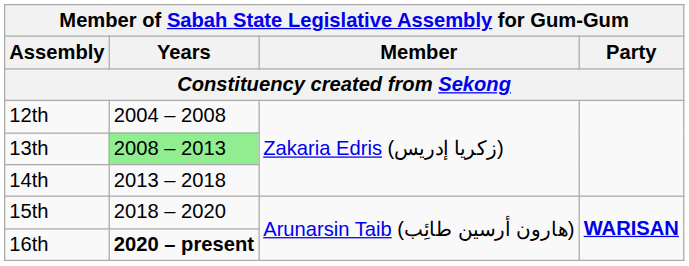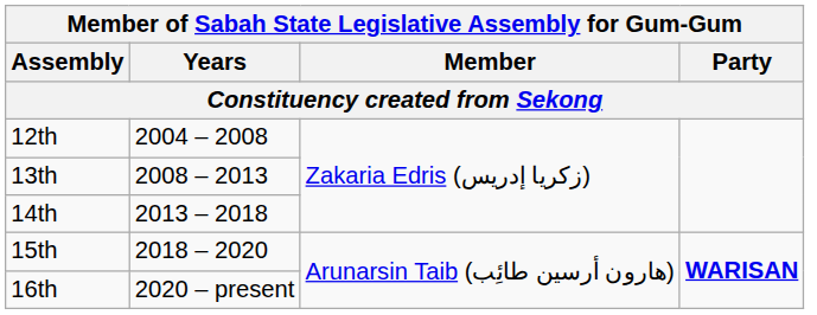 <table class="wikitable">
 <tr>
 <th colspan="4">Member of <a href='#'>Sabah State Legislative Assembly</a> for Gum-Gum</th>
 </tr>
 <tr>
 <th>Assembly</th>
 <th>Years</th>
 <th>Member</th>
 <th>Party</th>
 </tr>
 <tr>
 <th colspan="4" align="center"><em>Constituency created from <a href='#'>Sekong</a></em></th>
 </tr>
 <tr>
 <td>12th</td>
 <td>2004 – 2008</td>
 <td rowspan="3"><a href='#'>Zakaria Edris</a> (زكريا إدريس)</td>
 <td rowspan=3></td>
 </tr>
 <tr>
 <td>13th</td>
-<td style="background: lightgreen;">2008 – 2013</td>
+<td>2008 – 2013</td>
 </tr>
 <tr>
 <td>14th</td>
 <td>2013 – 2018</td>
 </tr>
 <tr>
 <td>15th</td>
 <td>2018 – 2020</td>
 <td rowspan="2"><a href='#'>Arunarsin Taib</a> (هارون أرسين طائِب)</td>
 <td rowspan=2><strong><a href='#'>WARISAN</a></strong></td>
 </tr>
 <tr>
 <td>16th</td>
-<td><strong>2020 – present</strong></td>
+<td>2020 – present</td>
 </tr>
 </table>
